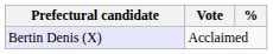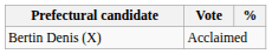 <table class="wikitable">
 <tr>
 <th bgcolor="#DDDDFF" width="200px">Prefectural candidate</th>
 <th bgcolor="#DDDDFF" width="50px">Vote</th>
 <th bgcolor="#DDDDFF" width="30px">%</th>
 </tr>
 <tr>
-<td style="background: lavender;">Bertin Denis (X)</td>
+<td>Bertin Denis (X)</td>
 <td colspan="2">Acclaimed</td>
 </tr>
 </table>
